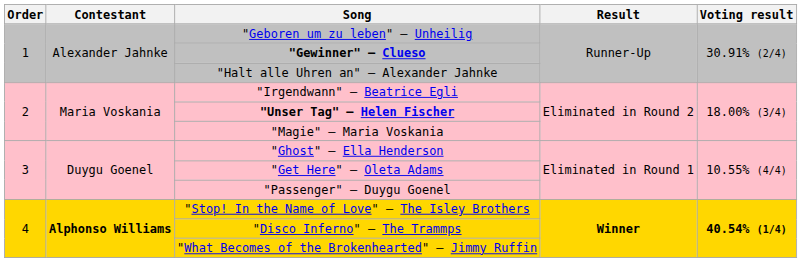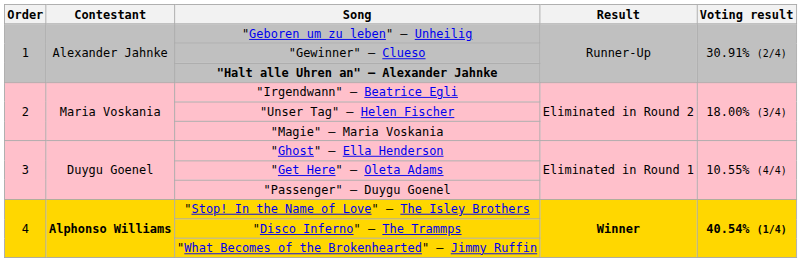 <table class="wikitable" style="text-align:center;">
 <tr>
 <th>Order</th>
 <th>Contestant</th>
 <th>Song</th>
 <th>Result</th>
 <th>Voting result</th>
 </tr>
 <tr bgcolor="silver">
 <td rowspan=3>1</td>
 <td rowspan=3>Alexander Jahnke</td>
 <td>"<a href='#'>Geboren um zu leben</a>" – <a href='#'>Unheilig</a></td>
 <td rowspan=3>Runner-Up</td>
 <td rowspan=3>30.91% <small>(2/4)</small></td>
 </tr>
 <tr bgcolor="silver">
-<td><strong>"Gewinner" – <a href='#'>Clueso</a></strong></td>
+<td>"Gewinner" – <a href='#'>Clueso</a></td>
 </tr>
 <tr bgcolor="silver">
-<td>"Halt alle Uhren an" – Alexander Jahnke</td>
+<td><strong>"Halt alle Uhren an" – Alexander Jahnke</strong></td>
 </tr>
 <tr bgcolor="pink">
 <td rowspan=3>2</td>
 <td rowspan=3>Maria Voskania</td>
 <td>"Irgendwann" – <a href='#'>Beatrice Egli</a></td>
 <td rowspan=3>Eliminated in Round 2</td>
 <td rowspan=3>18.00% <small>(3/4)</small></td>
 </tr>
 <tr bgcolor="pink">
-<td><strong>"Unser Tag" – <a href='#'>Helen Fischer</a></strong></td>
+<td>"Unser Tag" – <a href='#'>Helen Fischer</a></td>
 </tr>
 <tr bgcolor="pink">
 <td>"Magie" – Maria Voskania</td>
 </tr>
 <tr bgcolor="pink">
 <td rowspan=3>3</td>
 <td rowspan=3>Duygu Goenel</td>
 <td>"<a href='#'>Ghost</a>" – <a href='#'>Ella Henderson</a></td>
 <td rowspan=3>Eliminated in Round 1</td>
 <td rowspan=3>10.55% <small>(4/4)</small></td>
 </tr>
 <tr bgcolor="pink">
 <td>"<a href='#'>Get Here</a>" – <a href='#'>Oleta Adams</a></td>
 </tr>
 <tr bgcolor="pink">
 <td>"Passenger" – Duygu Goenel</td>
 </tr>
 <tr bgcolor="gold">
 <td rowspan=3>4</td>
 <td rowspan=3><strong>Alphonso Williams</strong></td>
 <td>"<a href='#'>Stop! In the Name of Love</a>" – <a href='#'>The Isley Brothers</a></td>
 <td rowspan=3><strong>Winner</strong></td>
 <td rowspan=3><strong>40.54% <small>(1/4)</small></strong></td>
 </tr>
 <tr bgcolor="gold">
 <td>"<a href='#'>Disco Inferno</a>" – <a href='#'>The Trammps</a></td>
 </tr>
 <tr bgcolor="gold">
 <td>"<a href='#'>What Becomes of the Brokenhearted</a>" – <a href='#'>Jimmy Ruffin</a></td>
 </tr>
 </table>
